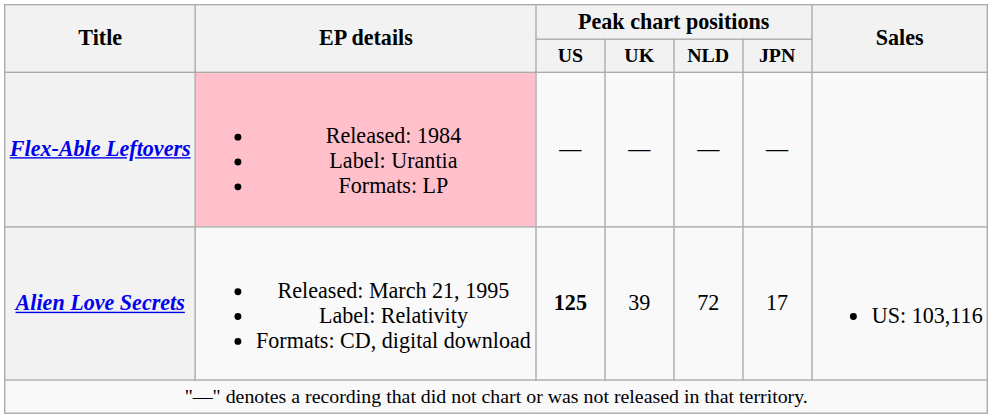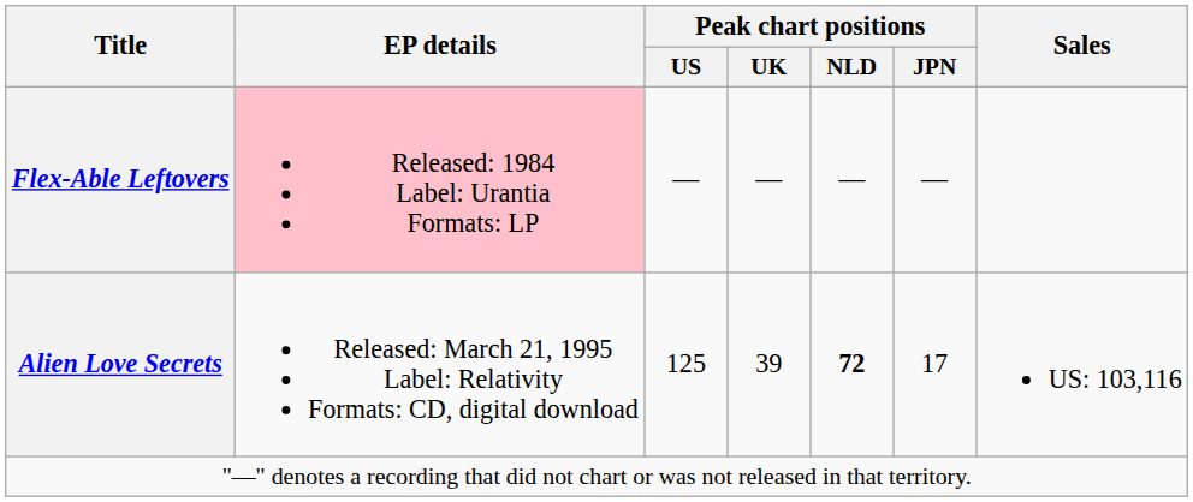 <table class="wikitable plainrowheaders" style="text-align:center;">
 <tr>
 <th scope="col" rowspan="2">Title</th>
 <th scope="col" rowspan="2">EP details</th>
 <th scope="col" colspan="4">Peak chart positions</th>
 <th scope="col" rowspan="2">Sales</th>
 </tr>
 <tr>
 <th scope="col" style="width:3em;font-size:90%;">US<br></th>
 <th scope="col" style="width:3em;font-size:90%;">UK<br></th>
 <th scope="col" style="width:3em;font-size:90%;">NLD<br></th>
 <th scope="col" style="width:3em;font-size:90%;">JPN<br></th>
 </tr>
 <tr>
 <th scope="row"><em><a href='#'>Flex-Able Leftovers</a></em></th>
 <td style="background: pink;"><br><ul><li>Released: 1984</li><li>Label: Urantia</li><li>Formats: LP</li></ul></td>
 <td>—</td>
 <td>—</td>
 <td>—</td>
 <td>—</td>
 <td></td>
 </tr>
 <tr>
 <th scope="row"><em><a href='#'>Alien Love Secrets</a></em></th>
 <td><br><ul><li>Released: March 21, 1995</li><li>Label: Relativity</li><li>Formats: CD, digital download</li></ul></td>
-<td><strong>125</strong></td>
+<td>125</td>
 <td>39</td>
-<td>72</td>
+<td><strong>72</strong></td>
 <td>17</td>
 <td><br><ul><li>US: 103,116</li></ul></td>
 </tr>
 <tr>
 <td colspan="20" style="font-size:90%">"—" denotes a recording that did not chart or was not released in that territory.</td>
 </tr>
 </table>
